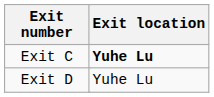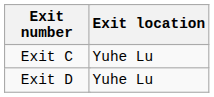 <table class="wikitable">
 <tr>
 <th style="width:70px" colspan="2">Exit number</th>
 <th>Exit location</th>
 </tr>
 <tr>
 <td align="center" colspan="2">Exit C</td>
-<td><strong>Yuhe Lu</strong></td>
+<td>Yuhe Lu</td>
 </tr>
 <tr>
 <td align="center" colspan="2">Exit D</td>
 <td>Yuhe Lu</td>
 </tr>
 </table>
